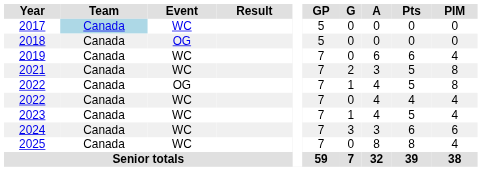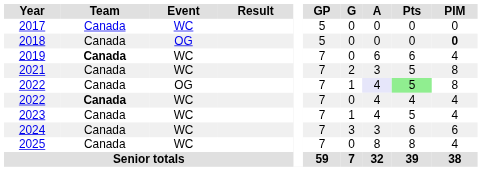 <table border="0" cellpadding="1" cellspacing="0" style="text-align:center; width:40em">
 <tr ALIGN="centre" bgcolor="#e0e0e0">
 <th>Year</th>
 <th>Team</th>
 <th>Event</th>
 <th>Result</th>
 <th rowspan="99" bgcolor="#ffffff"> </th>
 <th>GP</th>
 <th>G</th>
 <th>A</th>
 <th>Pts</th>
 <th>PIM</th>
 </tr>
 <tr>
 <td><a href='#'>2017</a></td>
-<td style="background: lightblue;"><a href='#'>Canada</a></td>
+<td><a href='#'>Canada</a></td>
 <td><a href='#'>WC</a></td>
 <td></td>
 <td>5</td>
 <td>0</td>
 <td>0</td>
 <td>0</td>
 <td>0</td>
 </tr>
 <tr style="background:#f0f0f0;">
 <td><a href='#'>2018</a></td>
 <td>Canada</td>
 <td><a href='#'>OG</a></td>
 <td></td>
 <td>5</td>
 <td>0</td>
 <td>0</td>
 <td>0</td>
-<td>0</td>
+<td><strong>0</strong></td>
 </tr>
 <tr>
 <td><a href='#'>2019</a></td>
-<td>Canada</td>
+<td><strong>Canada</strong></td>
 <td>WC</td>
 <td></td>
 <td>7</td>
 <td>0</td>
 <td>6</td>
 <td>6</td>
 <td>4</td>
 </tr>
 <tr style="background:#f0f0f0;">
 <td><a href='#'>2021</a></td>
 <td>Canada</td>
 <td>WC</td>
 <td></td>
 <td>7</td>
 <td>2</td>
 <td>3</td>
 <td>5</td>
 <td>8</td>
 </tr>
 <tr>
 <td><a href='#'>2022</a></td>
 <td>Canada</td>
 <td>OG</td>
 <td></td>
 <td>7</td>
 <td>1</td>
-<td>4</td>
-<td>5</td>
+<td style="background: lavender;">4</td>
+<td style="background: lightgreen;">5</td>
 <td>8</td>
 </tr>
 <tr style="background:#f0f0f0;">
 <td><a href='#'>2022</a></td>
-<td>Canada</td>
+<td><strong>Canada</strong></td>
 <td>WC</td>
 <td></td>
 <td>7</td>
 <td>0</td>
 <td>4</td>
 <td>4</td>
 <td>4</td>
 </tr>
 <tr>
 <td><a href='#'>2023</a></td>
 <td>Canada</td>
 <td>WC</td>
 <td></td>
 <td>7</td>
 <td>1</td>
 <td>4</td>
 <td>5</td>
 <td>4</td>
 </tr>
 <tr style="background:#f0f0f0;">
 <td><a href='#'>2024</a></td>
 <td>Canada</td>
 <td>WC</td>
 <td></td>
 <td>7</td>
 <td>3</td>
 <td>3</td>
 <td>6</td>
 <td>6</td>
 </tr>
 <tr>
 <td><a href='#'>2025</a></td>
 <td>Canada</td>
 <td>WC</td>
 <td></td>
 <td>7</td>
 <td>0</td>
 <td>8</td>
 <td>8</td>
 <td>4</td>
 </tr>
 <tr style="background:#e0e0e0;">
 <th colspan=4>Senior totals</th>
 <th>59</th>
 <th>7</th>
 <th>32</th>
 <th>39</th>
 <th>38</th>
 </tr>
 </table>
